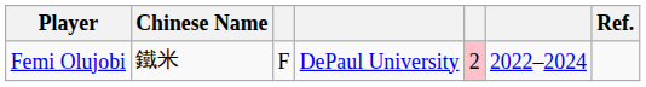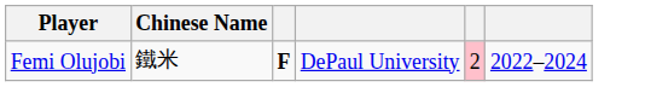 <table class="wikitable sortable" style="font-size:95%; text-align:left;">
 <tr>
 <th>Player</th>
 <th>Chinese Name</th>
 <th></th>
 <th></th>
 <th></th>
 <th></th>
-<th>Ref.</th>
 </tr>
 <tr>
 <td><a href='#'>Femi Olujobi</a></td>
 <td>鐵米</td>
-<td align="center">F</td>
+<td align="center"><strong>F</strong></td>
 <td><a href='#'>DePaul University</a></td>
 <td align="center" style="background: pink;">2</td>
 <td align="center"><a href='#'>2022</a>–<a href='#'>2024</a></td>
-<td></td>
 </tr>
 </table>
